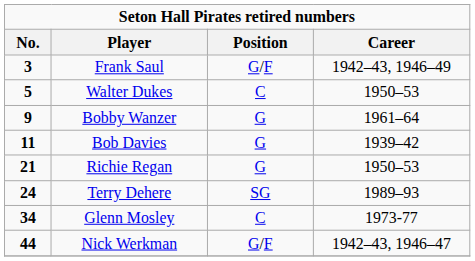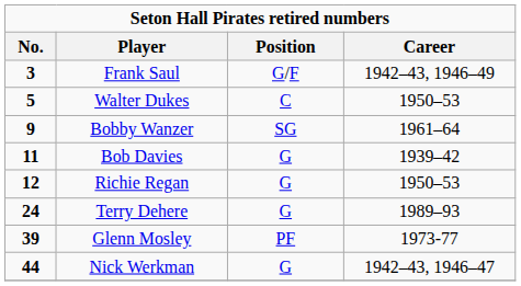 <table class="wikitable sortable" style="text-align:center">
 <tr>
 <td colspan="5"><strong>Seton Hall Pirates retired numbers</strong></td>
 </tr>
 <tr>
 <th width=40px>No.</th>
 <th width=150px>Player</th>
 <th width=100px>Position</th>
 <th width=150px>Career</th>
 </tr>
 <tr>
 <td><strong>3</strong></td>
 <td><a href='#'>Frank Saul</a></td>
 <td><a href='#'>G</a>/<a href='#'>F</a></td>
 <td>1942–43, 1946–49</td>
 </tr>
 <tr>
 <td><strong>5</strong></td>
 <td><a href='#'>Walter Dukes</a></td>
 <td><a href='#'>C</a></td>
 <td>1950–53</td>
 </tr>
 <tr>
 <td><strong>9</strong></td>
 <td><a href='#'>Bobby Wanzer</a></td>
-<td><a href='#'>G</a></td>
+<td><a href='#'>SG</a></td>
 <td>1961–64</td>
 </tr>
 <tr>
 <td><strong>11</strong></td>
 <td><a href='#'>Bob Davies</a></td>
 <td><a href='#'>G</a></td>
 <td>1939–42</td>
 </tr>
 <tr>
-<td><strong>21</strong></td>
+<td><strong>12</strong></td>
 <td><a href='#'>Richie Regan</a></td>
 <td><a href='#'>G</a></td>
 <td>1950–53</td>
 </tr>
 <tr>
 <td><strong>24</strong></td>
 <td><a href='#'>Terry Dehere</a></td>
-<td><a href='#'>SG</a></td>
+<td><a href='#'>G</a></td>
 <td>1989–93</td>
 </tr>
 <tr>
-<td><strong>34</strong></td>
+<td><strong>39</strong></td>
 <td><a href='#'>Glenn Mosley</a></td>
-<td><a href='#'>C</a></td>
+<td><a href='#'>PF</a></td>
 <td>1973-77</td>
 </tr>
 <tr>
 <td><strong>44</strong></td>
 <td><a href='#'>Nick Werkman</a></td>
-<td><a href='#'>G</a>/<a href='#'>F</a></td>
+<td><a href='#'>G</a></td>
 <td>1942–43, 1946–47</td>
 </tr>
 <tr>
 </tr>
 </table>
